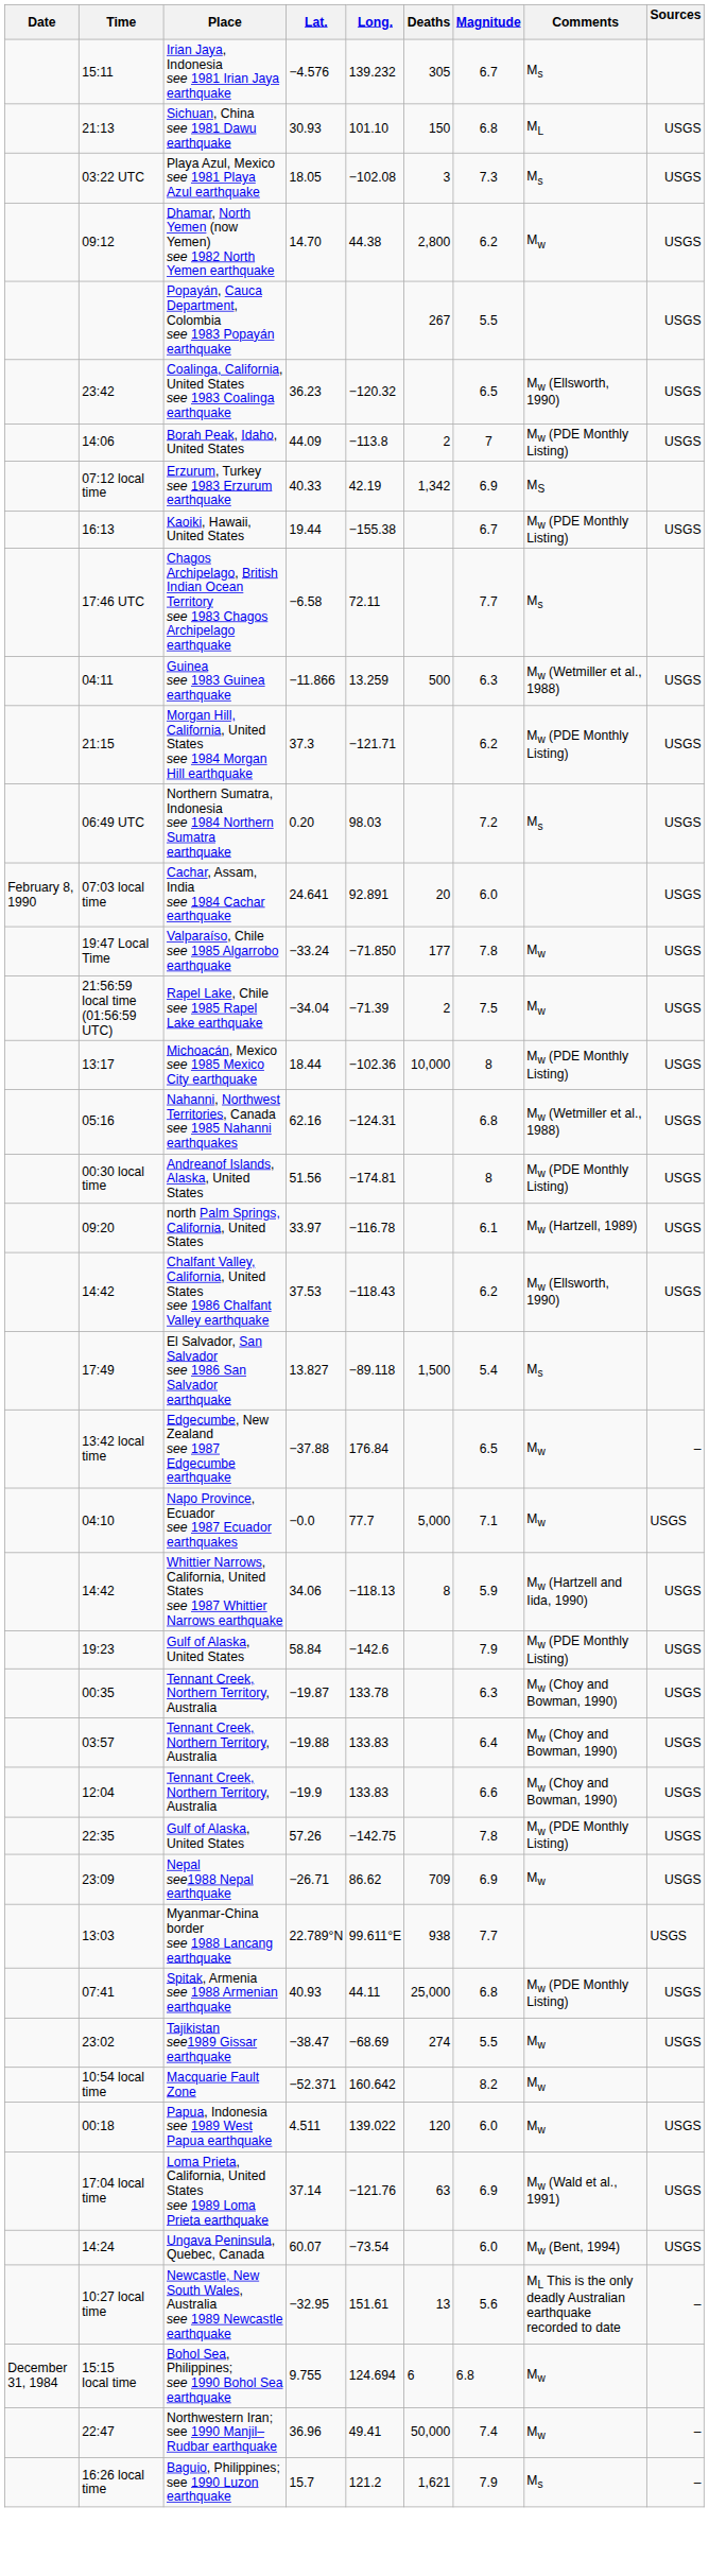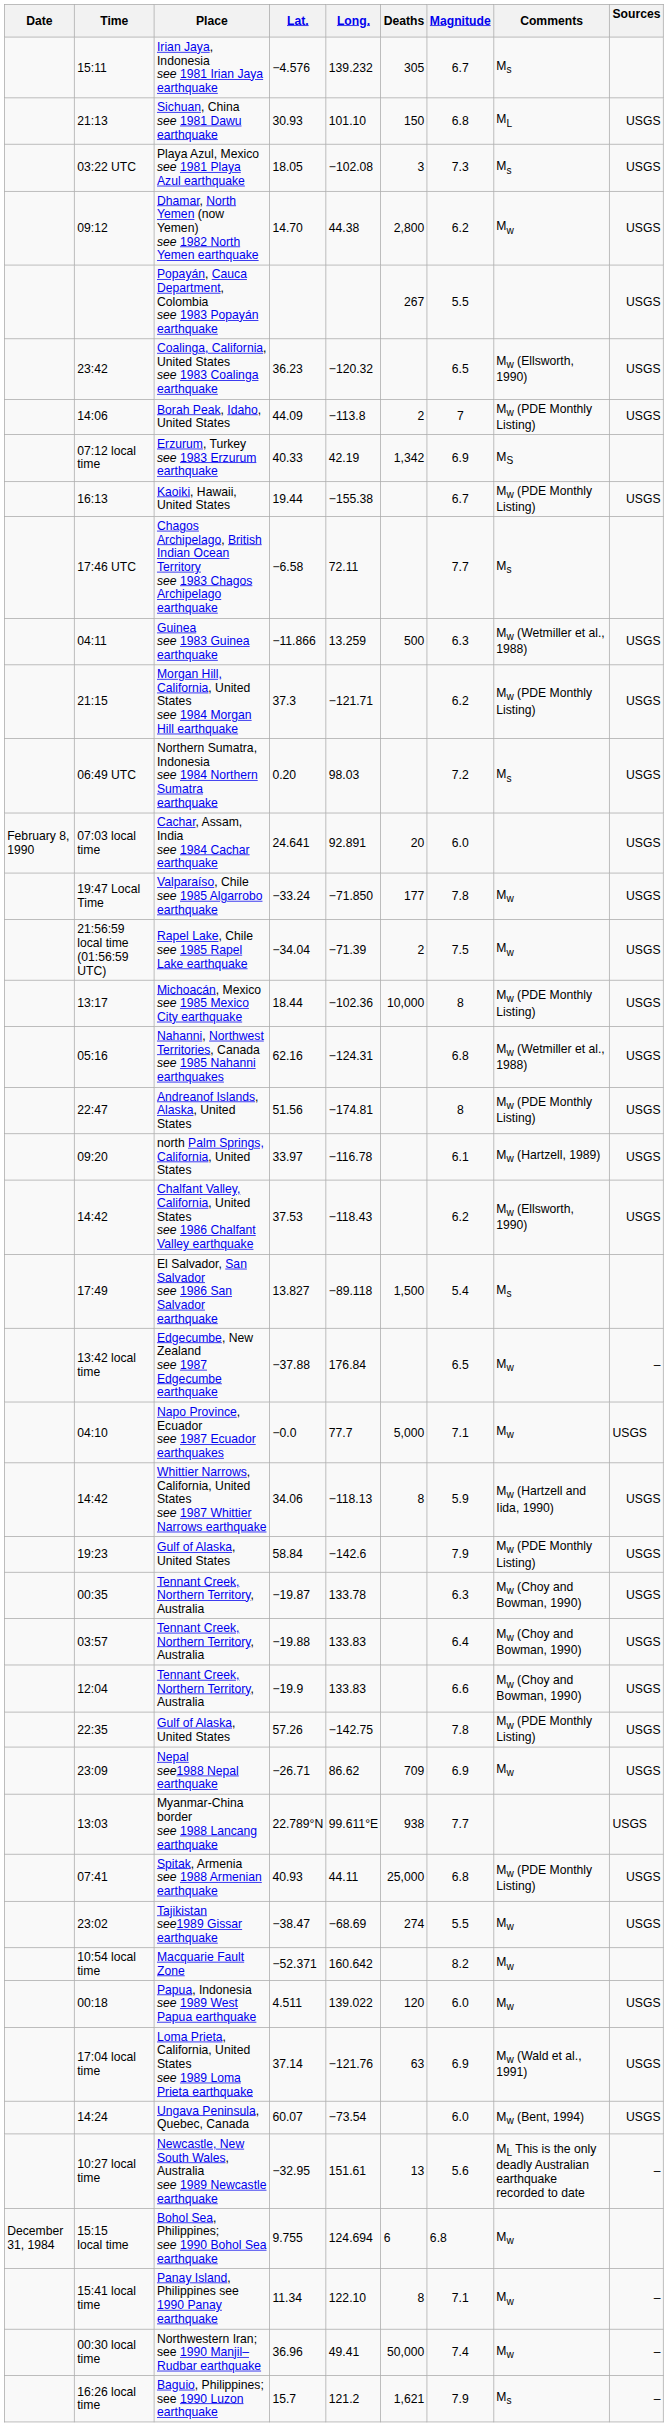 <table class="wikitable sortable">
 <tr>
 <th>Date</th>
 <th>Time</th>
 <th>Place</th>
 <th><a href='#'>Lat.</a></th>
 <th><a href='#'>Long.</a></th>
 <th> Deaths <br></th>
 <th> <a href='#'>Magnitude</a> <br></th>
 <th>Comments</th>
 <th>Sources <br> </th>
 </tr>
 <tr>
 <td></td>
 <td>15:11</td>
 <td><a href='#'>Irian Jaya</a>, Indonesia <br> <em>see</em> <a href='#'>1981 Irian Jaya earthquake</a></td>
 <td>−4.576</td>
 <td>139.232</td>
 <td align="right">305</td>
 <td align="center">6.7</td>
 <td>M<sub>s</sub></td>
 <td align="right"></td>
 </tr>
 <tr>
 <td></td>
 <td>21:13</td>
 <td><a href='#'>Sichuan</a>, China <br> <em>see</em> <a href='#'>1981 Dawu earthquake</a></td>
 <td>30.93</td>
 <td>101.10</td>
 <td align="right">150</td>
 <td align="center">6.8</td>
 <td>M<sub>L</sub></td>
 <td align="right">USGS</td>
 </tr>
 <tr>
 <td></td>
 <td>03:22 UTC</td>
 <td>Playa Azul, Mexico <br> <em>see</em> <a href='#'>1981 Playa Azul earthquake</a></td>
 <td>18.05</td>
 <td>−102.08</td>
 <td align="right">3</td>
 <td align="center">7.3</td>
 <td>M<sub>s</sub></td>
 <td align="right">USGS</td>
 </tr>
 <tr>
 <td></td>
 <td>09:12</td>
 <td><a href='#'>Dhamar</a>, <a href='#'>North Yemen</a> (now Yemen) <br> <em>see</em> <a href='#'>1982 North Yemen earthquake</a></td>
 <td>14.70</td>
 <td>44.38</td>
 <td align="right">2,800</td>
 <td align="center">6.2</td>
 <td>M<sub>w</sub></td>
 <td align="right">USGS</td>
 </tr>
 <tr>
 <td></td>
 <td></td>
 <td><a href='#'>Popayán</a>, <a href='#'>Cauca Department</a>, Colombia <br> <em>see</em> <a href='#'>1983 Popayán earthquake</a></td>
 <td></td>
 <td></td>
 <td align="right">267</td>
 <td align="center">5.5</td>
 <td></td>
 <td align="right">USGS</td>
 </tr>
 <tr>
 <td></td>
 <td>23:42</td>
 <td><a href='#'>Coalinga, California</a>, United States <br> <em>see</em> <a href='#'>1983 Coalinga earthquake</a></td>
 <td>36.23</td>
 <td>−120.32</td>
 <td></td>
 <td align="center">6.5</td>
 <td>M<sub>w</sub> (Ellsworth, 1990)</td>
 <td align="right">USGS</td>
 </tr>
 <tr>
 <td></td>
 <td>14:06</td>
 <td><a href='#'>Borah Peak</a>, <a href='#'>Idaho</a>, United States</td>
 <td>44.09</td>
 <td>−113.8</td>
 <td align="right">2</td>
 <td align="center">7</td>
 <td>M<sub>w</sub> (PDE Monthly Listing)</td>
 <td align="right">USGS</td>
 </tr>
 <tr>
 <td></td>
 <td>07:12 local time</td>
 <td><a href='#'>Erzurum</a>, Turkey <br> <em>see</em> <a href='#'>1983 Erzurum earthquake</a></td>
 <td>40.33</td>
 <td>42.19</td>
 <td align="right">1,342</td>
 <td align="center">6.9</td>
 <td>M<sub>S</sub></td>
 <td align="right"></td>
 </tr>
 <tr>
 <td></td>
 <td>16:13</td>
 <td><a href='#'>Kaoiki</a>, Hawaii, United States</td>
 <td>19.44</td>
 <td>−155.38</td>
 <td></td>
 <td align="center">6.7</td>
 <td>M<sub>w</sub> (PDE Monthly Listing)</td>
 <td align="right">USGS</td>
 </tr>
 <tr>
 <td></td>
 <td>17:46 UTC</td>
 <td><a href='#'>Chagos Archipelago</a>, <a href='#'>British Indian Ocean Territory</a> <br> <em>see</em> <a href='#'>1983 Chagos Archipelago earthquake</a></td>
 <td>−6.58</td>
 <td>72.11</td>
 <td></td>
 <td align="center">7.7</td>
 <td>M<sub>s</sub></td>
 <td align="right"></td>
 </tr>
 <tr>
 <td></td>
 <td>04:11</td>
 <td><a href='#'>Guinea</a> <br> <em>see</em> <a href='#'>1983 Guinea earthquake</a></td>
 <td>−11.866</td>
 <td>13.259</td>
 <td align="right">500</td>
 <td align="center">6.3</td>
 <td>M<sub>w</sub> (Wetmiller et al., 1988)</td>
 <td align="right">USGS</td>
 </tr>
 <tr>
 <td></td>
 <td>21:15</td>
 <td><a href='#'>Morgan Hill, California</a>, United States <br> <em>see</em> <a href='#'>1984 Morgan Hill earthquake</a></td>
 <td>37.3</td>
 <td>−121.71</td>
 <td></td>
 <td align="center">6.2</td>
 <td>M<sub>w</sub> (PDE Monthly Listing)</td>
 <td align="right">USGS</td>
 </tr>
 <tr>
 <td></td>
 <td>06:49 UTC</td>
 <td>Northern Sumatra, Indonesia <br> <em>see</em> <a href='#'>1984 Northern Sumatra earthquake</a></td>
 <td>0.20</td>
 <td>98.03</td>
 <td></td>
 <td align="center">7.2</td>
 <td>M<sub>s</sub></td>
 <td align="right">USGS</td>
 </tr>
 <tr>
 <td>February 8, 1990</td>
 <td>07:03 local time</td>
 <td><a href='#'>Cachar</a>, Assam, India<br><em>see</em> <a href='#'>1984 Cachar earthquake</a></td>
 <td>24.641</td>
 <td>92.891</td>
 <td align="right">20</td>
 <td align="center">6.0</td>
 <td></td>
 <td align="right">USGS</td>
 </tr>
 <tr>
 <td></td>
 <td>19:47 Local Time</td>
 <td><a href='#'>Valparaíso</a>, Chile<br><em>see</em> <a href='#'>1985 Algarrobo earthquake</a></td>
 <td>−33.24</td>
 <td>−71.850</td>
 <td align="right">177</td>
 <td align="center">7.8</td>
 <td>M<sub>w</sub></td>
 <td align="right">USGS</td>
 </tr>
 <tr>
 <td></td>
 <td>21:56:59 local time (01:56:59 UTC)</td>
 <td><a href='#'>Rapel Lake</a>, Chile<br><em>see</em> <a href='#'>1985 Rapel Lake earthquake</a></td>
 <td>−34.04</td>
 <td>−71.39</td>
 <td align="right">2</td>
 <td align="center">7.5</td>
 <td>M<sub>w</sub></td>
 <td align="right">USGS</td>
 </tr>
 <tr>
 <td></td>
 <td>13:17</td>
 <td><a href='#'>Michoacán</a>, Mexico<br><em>see</em> <a href='#'>1985 Mexico City earthquake</a></td>
 <td>18.44</td>
 <td>−102.36</td>
 <td align="right">10,000</td>
 <td align="center">8</td>
 <td>M<sub>w</sub> (PDE Monthly Listing)</td>
 <td align="right">USGS</td>
 </tr>
 <tr>
 <td></td>
 <td>05:16</td>
 <td><a href='#'>Nahanni</a>, <a href='#'>Northwest Territories</a>, Canada <br> <em>see</em> <a href='#'>1985 Nahanni earthquakes</a></td>
 <td>62.16</td>
 <td>−124.31</td>
 <td></td>
 <td align="center">6.8</td>
 <td>M<sub>w</sub> (Wetmiller et al., 1988)</td>
 <td align="right">USGS</td>
 </tr>
 <tr>
 <td></td>
-<td>00:30 local time</td>
+<td>22:47</td>
 <td><a href='#'>Andreanof Islands</a>, <a href='#'>Alaska</a>, United States</td>
 <td>51.56</td>
 <td>−174.81</td>
 <td></td>
 <td align="center">8</td>
 <td>M<sub>w</sub> (PDE Monthly Listing)</td>
 <td align="right">USGS</td>
 </tr>
 <tr>
 <td></td>
 <td>09:20</td>
 <td>north <a href='#'>Palm Springs, California</a>, United States</td>
 <td>33.97</td>
 <td>−116.78</td>
 <td></td>
 <td align="center">6.1</td>
 <td>M<sub>w</sub> (Hartzell, 1989)</td>
 <td align="right">USGS</td>
 </tr>
 <tr>
 <td></td>
 <td>14:42</td>
 <td><a href='#'>Chalfant Valley, California</a>, United States <br> <em>see</em> <a href='#'>1986 Chalfant Valley earthquake</a></td>
 <td>37.53</td>
 <td>−118.43</td>
 <td></td>
 <td align="center">6.2</td>
 <td>M<sub>w</sub> (Ellsworth, 1990)</td>
 <td align="right">USGS</td>
 </tr>
 <tr>
 <td></td>
 <td>17:49</td>
 <td>El Salvador, <a href='#'>San Salvador</a><br><em>see</em> <a href='#'>1986 San Salvador earthquake</a></td>
 <td>13.827</td>
 <td>−89.118</td>
 <td align="right">1,500</td>
 <td align="center">5.4</td>
 <td>M<sub>s</sub></td>
 <td align="right"></td>
 </tr>
 <tr>
 <td></td>
 <td>13:42 local time</td>
 <td><a href='#'>Edgecumbe</a>, New Zealand<br><em>see</em> <a href='#'>1987 Edgecumbe earthquake</a></td>
 <td>−37.88</td>
 <td>176.84</td>
 <td align="right"></td>
 <td align="center">6.5</td>
 <td>M<sub>w</sub></td>
 <td align="right">–</td>
 </tr>
 <tr>
 <td></td>
 <td>04:10</td>
 <td><a href='#'>Napo Province</a>, Ecuador<br><em>see</em> <a href='#'>1987 Ecuador earthquakes</a></td>
 <td>−0.0</td>
 <td>77.7</td>
 <td align="right">5,000</td>
 <td align="center">7.1</td>
 <td>M<sub>w</sub></td>
 <td>USGS</td>
 </tr>
 <tr>
 <td></td>
 <td>14:42</td>
 <td><a href='#'>Whittier Narrows</a>, California, United States<br><em>see</em> <a href='#'>1987 Whittier Narrows earthquake</a></td>
 <td>34.06</td>
 <td>−118.13</td>
 <td align="right">8</td>
 <td align="center">5.9</td>
 <td>M<sub>w</sub> (Hartzell and Iida, 1990)</td>
 <td align="right">USGS</td>
 </tr>
 <tr>
 <td></td>
 <td>19:23</td>
 <td><a href='#'>Gulf of Alaska</a>, United States</td>
 <td>58.84</td>
 <td>−142.6</td>
 <td></td>
 <td align="center">7.9</td>
 <td>M<sub>w</sub> (PDE Monthly Listing)</td>
 <td align="right">USGS</td>
 </tr>
 <tr>
 <td></td>
 <td>00:35</td>
 <td><a href='#'>Tennant Creek, Northern Territory</a>, Australia</td>
 <td>−19.87</td>
 <td>133.78</td>
 <td></td>
 <td align="center">6.3</td>
 <td>M<sub>w</sub> (Choy and Bowman, 1990)</td>
 <td align="right">USGS</td>
 </tr>
 <tr>
 <td></td>
 <td>03:57</td>
 <td><a href='#'>Tennant Creek, Northern Territory</a>, Australia</td>
 <td>−19.88</td>
 <td>133.83</td>
 <td></td>
 <td align="center">6.4</td>
 <td>M<sub>w</sub> (Choy and Bowman, 1990)</td>
 <td align="right">USGS</td>
 </tr>
 <tr>
 <td></td>
 <td>12:04</td>
 <td><a href='#'>Tennant Creek, Northern Territory</a>, Australia</td>
 <td>−19.9</td>
 <td>133.83</td>
 <td></td>
 <td align="center">6.6</td>
 <td>M<sub>w</sub> (Choy and Bowman, 1990)</td>
 <td align="right">USGS</td>
 </tr>
 <tr>
 <td></td>
 <td>22:35</td>
 <td><a href='#'>Gulf of Alaska</a>, United States</td>
 <td>57.26</td>
 <td>−142.75</td>
 <td></td>
 <td align="center">7.8</td>
 <td>M<sub>w</sub> (PDE Monthly Listing)</td>
 <td align="right">USGS</td>
 </tr>
 <tr>
 <td></td>
 <td>23:09</td>
 <td><a href='#'>Nepal</a> <br><em>see</em><a href='#'>1988 Nepal earthquake</a></td>
 <td>−26.71</td>
 <td>86.62</td>
 <td align="right">709</td>
 <td align="center">6.9</td>
 <td>M<sub>w</sub></td>
 <td align="right">USGS</td>
 </tr>
 <tr>
 <td></td>
 <td>13:03</td>
 <td>Myanmar-China border <br><em>see</em> <a href='#'>1988 Lancang earthquake</a></td>
 <td>22.789°N</td>
 <td>99.611°E</td>
 <td align="right">938</td>
 <td align="center">7.7</td>
 <td></td>
 <td>USGS</td>
 </tr>
 <tr>
 <td></td>
 <td>07:41</td>
 <td><a href='#'>Spitak</a>, Armenia<br><em>see</em> <a href='#'>1988 Armenian earthquake</a></td>
 <td>40.93</td>
 <td>44.11</td>
 <td align="right">25,000</td>
 <td align="center">6.8</td>
 <td>M<sub>w</sub> (PDE Monthly Listing)</td>
 <td align="right">USGS</td>
 </tr>
 <tr>
 <td></td>
 <td>23:02</td>
 <td><a href='#'>Tajikistan</a> <br><em>see</em><a href='#'>1989 Gissar earthquake</a></td>
 <td>−38.47</td>
 <td>−68.69</td>
 <td align="right">274</td>
 <td align="center">5.5</td>
 <td>M<sub>w</sub></td>
 <td align="right">USGS</td>
 </tr>
 <tr>
 <td></td>
 <td>10:54 local time</td>
 <td><a href='#'>Macquarie Fault Zone</a></td>
 <td>−52.371</td>
 <td>160.642</td>
 <td></td>
 <td align="center">8.2</td>
 <td>M<sub>w</sub></td>
 <td></td>
 </tr>
 <tr>
 <td></td>
 <td>00:18</td>
 <td><a href='#'>Papua</a>, Indonesia <br><em>see</em> <a href='#'>1989 West Papua earthquake</a></td>
 <td>4.511</td>
 <td>139.022</td>
 <td align="right">120</td>
 <td align="center">6.0</td>
 <td>M<sub>w</sub></td>
 <td align="right">USGS</td>
 </tr>
 <tr>
 <td></td>
 <td>17:04 local time</td>
 <td><a href='#'>Loma Prieta</a>, California, United States<br><em>see</em> <a href='#'>1989 Loma Prieta earthquake</a></td>
 <td>37.14</td>
 <td>−121.76</td>
 <td align="right">63</td>
 <td align="center">6.9</td>
 <td>M<sub>w</sub> (Wald et al., 1991)</td>
 <td align="right">USGS</td>
 </tr>
 <tr>
 <td></td>
 <td>14:24</td>
 <td><a href='#'>Ungava Peninsula</a>, Quebec, Canada</td>
 <td>60.07</td>
 <td>−73.54</td>
 <td></td>
 <td align="center">6.0</td>
 <td>M<sub>w</sub> (Bent, 1994)</td>
 <td align="right">USGS</td>
 </tr>
 <tr>
 <td></td>
 <td>10:27 local time</td>
 <td><a href='#'>Newcastle, New South Wales</a>, Australia<br><em>see</em> <a href='#'>1989 Newcastle earthquake</a></td>
 <td>−32.95</td>
 <td>151.61</td>
 <td align="right">13</td>
 <td align="center">5.6</td>
 <td>M<sub>L</sub> This is the only deadly Australian earthquake recorded to date</td>
 <td align="right">–</td>
 </tr>
 <tr>
 <td>December 31, 1984</td>
 <td>15:15<br>local time</td>
 <td><a href='#'>Bohol Sea</a>, Philippines;<br><em>see</em> <a href='#'>1990 Bohol Sea earthquake</a></td>
 <td>9.755</td>
 <td>124.694</td>
 <td>6</td>
 <td>6.8</td>
 <td>M<sub>w</sub></td>
 <td></td>
 </tr>
 <tr>
 <td></td>
-<td>22:47</td>
+<td>15:41 local time</td>
+<td><a href='#'>Panay Island</a>, Philippines see <a href='#'>1990 Panay earthquake</a></td>
+<td>11.34</td>
+<td>122.10</td>
+<td align="right">8</td>
+<td align="center">7.1</td>
+<td>M<sub>w</sub></td>
+<td align="right">–</td>
+</tr>
+<tr>
+<td></td>
+<td>00:30 local time</td>
 <td>Northwestern Iran; see <a href='#'>1990 Manjil–Rudbar earthquake</a></td>
 <td>36.96</td>
 <td>49.41</td>
 <td align="right">50,000</td>
 <td align="center">7.4</td>
 <td>M<sub>w</sub></td>
 <td align="right">–</td>
 </tr>
 <tr>
 <td></td>
 <td>16:26 local time</td>
 <td><a href='#'>Baguio</a>, Philippines; see <a href='#'>1990 Luzon earthquake</a></td>
 <td>15.7</td>
 <td>121.2</td>
 <td align="right">1,621</td>
 <td align="center">7.9</td>
 <td>M<sub>s</sub></td>
 <td align="right">–</td>
 </tr>
 </table>
